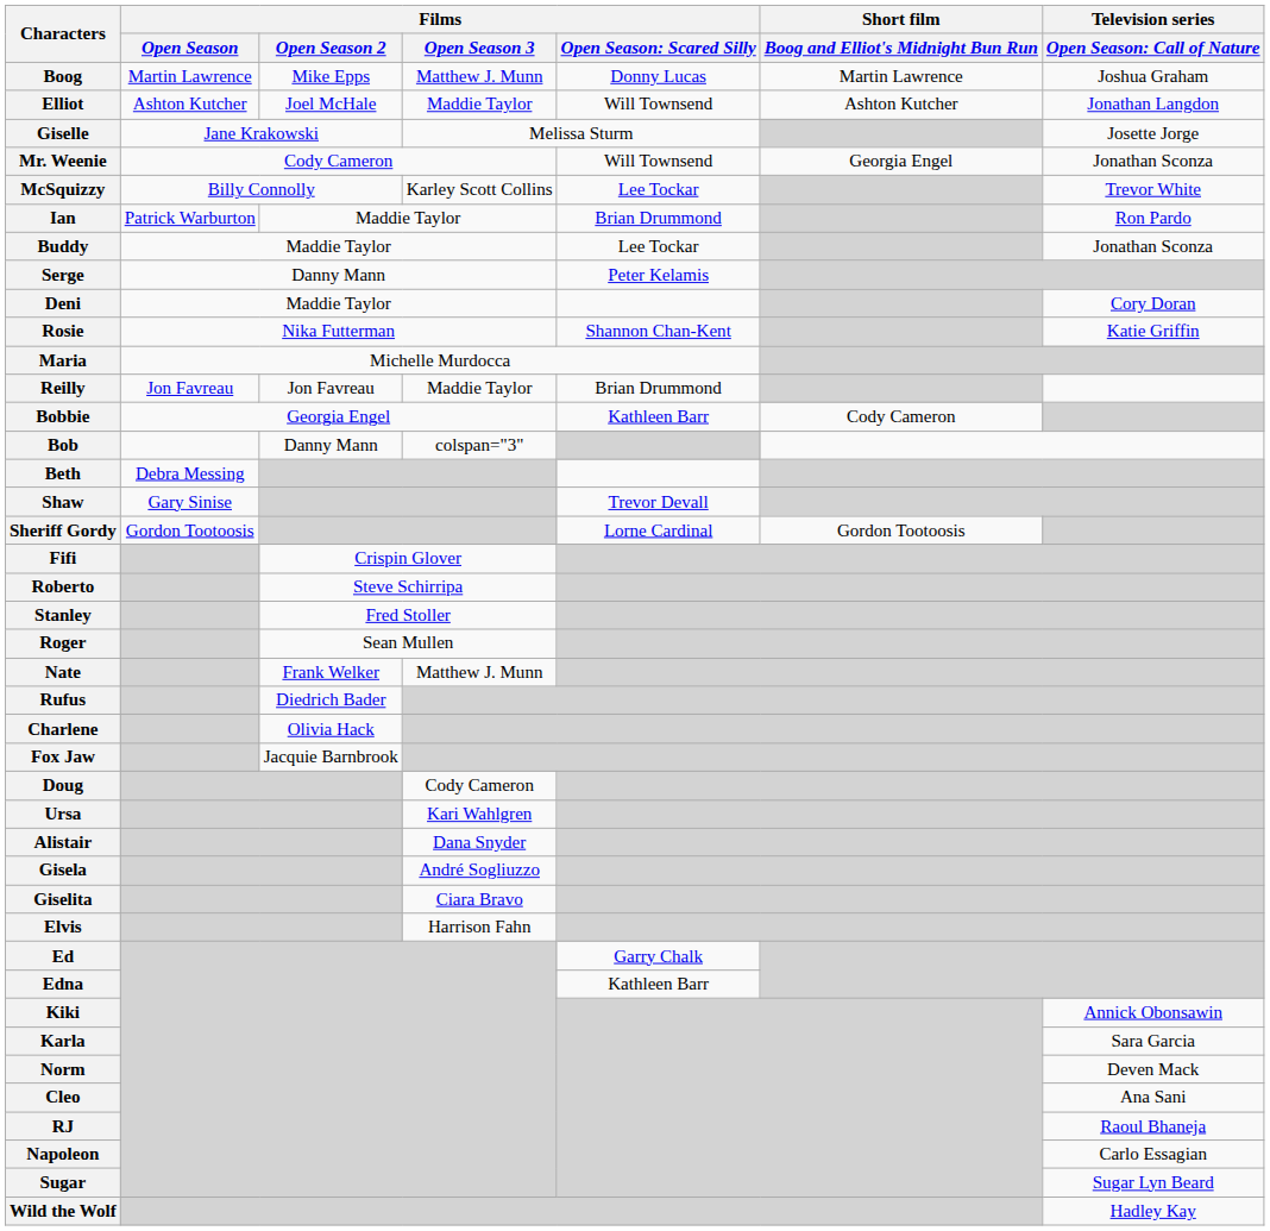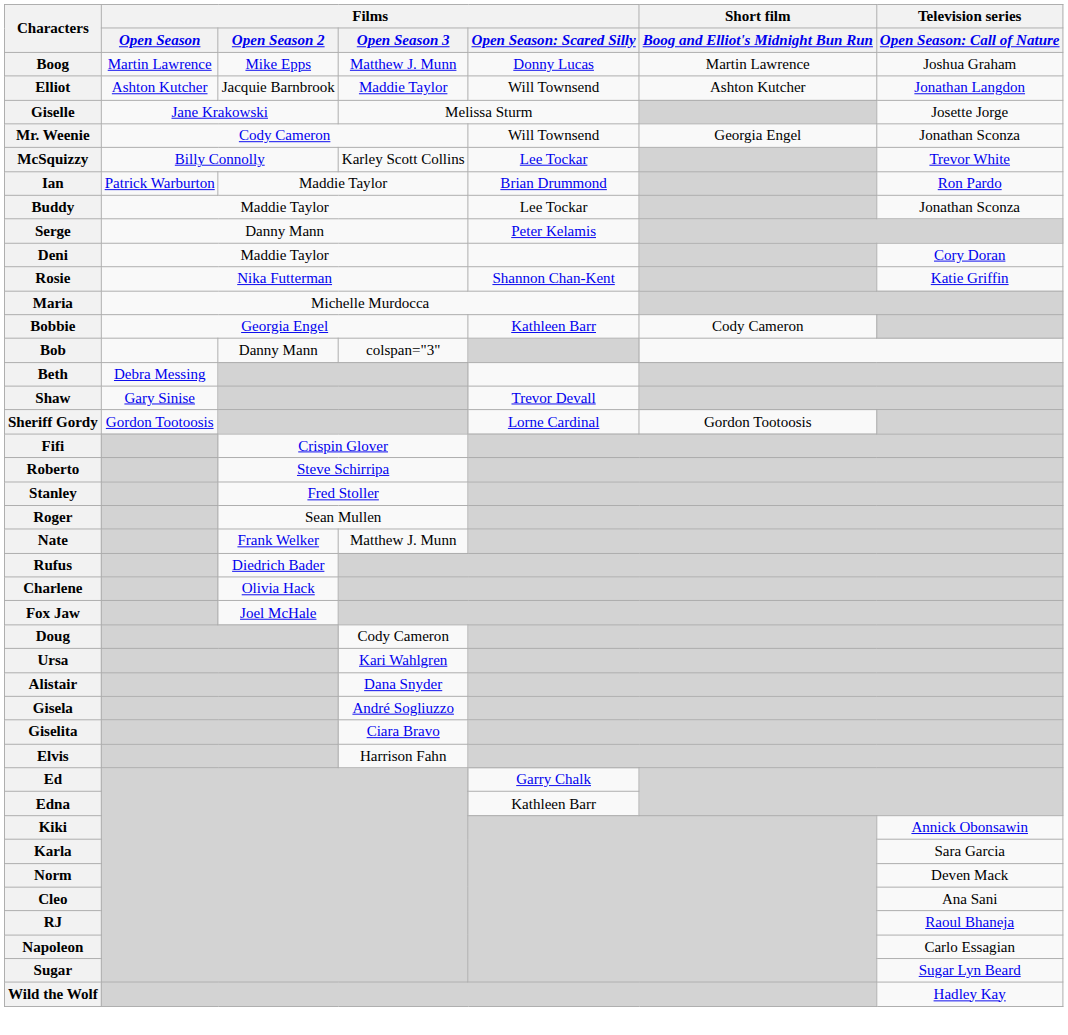 <table class="wikitable" style="text-align:center">
 <tr>
 <th rowspan="2">Characters</th>
 <th colspan="4">Films</th>
 <th>Short film</th>
 <th>Television series</th>
 </tr>
 <tr>
 <th><em><a href='#'>Open Season</a></em></th>
 <th><em><a href='#'>Open Season 2</a></em></th>
 <th><em><a href='#'>Open Season 3</a></em></th>
 <th><em><a href='#'>Open Season: Scared Silly</a></em></th>
 <th><em><a href='#'>Boog and Elliot's Midnight Bun Run</a></em></th>
 <th><em><a href='#'>Open Season: Call of Nature</a></em></th>
 </tr>
 <tr>
 <th>Boog</th>
 <td><a href='#'>Martin Lawrence</a></td>
 <td><a href='#'>Mike Epps</a></td>
 <td><a href='#'>Matthew J. Munn</a></td>
 <td><a href='#'>Donny Lucas</a></td>
 <td>Martin Lawrence</td>
 <td>Joshua Graham</td>
 </tr>
 <tr>
 <th>Elliot</th>
 <td><a href='#'>Ashton Kutcher</a></td>
-<td><a href='#'>Joel McHale</a></td>
+<td>Jacquie Barnbrook</td>
 <td><a href='#'>Maddie Taylor</a></td>
 <td>Will Townsend</td>
 <td>Ashton Kutcher</td>
 <td><a href='#'>Jonathan Langdon</a></td>
 </tr>
 <tr>
 <th>Giselle</th>
 <td colspan="2"><a href='#'>Jane Krakowski</a></td>
 <td colspan="2">Melissa Sturm</td>
 <td style="background-color:lightgrey;"></td>
 <td>Josette Jorge</td>
 </tr>
 <tr>
 <th>Mr. Weenie</th>
 <td colspan="3"><a href='#'>Cody Cameron</a></td>
 <td>Will Townsend</td>
 <td>Georgia Engel</td>
 <td>Jonathan Sconza</td>
 </tr>
 <tr>
 <th>McSquizzy</th>
 <td colspan="2"><a href='#'>Billy Connolly</a></td>
 <td>Karley Scott Collins</td>
 <td><a href='#'>Lee Tockar</a></td>
 <td style="background-color:lightgrey;"></td>
 <td><a href='#'>Trevor White</a></td>
 </tr>
 <tr>
 <th>Ian</th>
 <td><a href='#'>Patrick Warburton</a></td>
 <td colspan="2">Maddie Taylor</td>
 <td><a href='#'>Brian Drummond</a></td>
 <td style="background-color:lightgrey;"></td>
 <td><a href='#'>Ron Pardo</a></td>
 </tr>
 <tr>
 <th>Buddy</th>
 <td colspan="3">Maddie Taylor</td>
 <td>Lee Tockar</td>
 <td style="background-color:lightgrey;"></td>
 <td>Jonathan Sconza</td>
 </tr>
 <tr>
 <th>Serge</th>
 <td colspan="3">Danny Mann</td>
 <td><a href='#'>Peter Kelamis</a></td>
 <td colspan="2" style="background-color:lightgrey;"></td>
 </tr>
 <tr>
 <th>Deni</th>
 <td colspan="3">Maddie Taylor</td>
 <td></td>
 <td style="background-color:lightgrey;"></td>
 <td><a href='#'>Cory Doran</a></td>
 </tr>
 <tr>
 <th>Rosie</th>
 <td colspan="3"><a href='#'>Nika Futterman</a></td>
 <td><a href='#'>Shannon Chan-Kent</a></td>
 <td style="background-color:lightgrey;"></td>
 <td><a href='#'>Katie Griffin</a></td>
 </tr>
 <tr>
 <th>Maria</th>
 <td colspan="4">Michelle Murdocca</td>
 <td colspan="2" style="background-color:lightgrey;"></td>
-</tr>
-<tr>
-<th>Reilly</th>
-<td><a href='#'>Jon Favreau</a></td>
-<td>Jon Favreau</td>
-<td>Maddie Taylor</td>
-<td>Brian Drummond</td>
-<td style="background-color:lightgrey;"></td>
-<td></td>
 </tr>
 <tr>
 <th>Bobbie</th>
 <td colspan="3"><a href='#'>Georgia Engel</a></td>
 <td><a href='#'>Kathleen Barr</a></td>
 <td>Cody Cameron</td>
 <td style="background-color:lightgrey;"></td>
 </tr>
 <tr>
 <th>Bob</th>
 <td></td>
 <td>Danny Mann</td>
 <td>colspan="3" </td>
 <td style="background-color:lightgrey;"></td>
 </tr>
 <tr>
 <th>Beth</th>
 <td><a href='#'>Debra Messing</a></td>
 <td colspan="2" style="background-color:lightgrey;"></td>
 <td></td>
 <td colspan="2" style="background-color:lightgrey;"></td>
 </tr>
 <tr>
 <th>Shaw</th>
 <td><a href='#'>Gary Sinise</a></td>
 <td colspan="2" style="background-color:lightgrey;"></td>
 <td><a href='#'>Trevor Devall</a></td>
 <td colspan="2" style="background-color:lightgrey;"></td>
 </tr>
 <tr>
 <th>Sheriff Gordy</th>
 <td><a href='#'>Gordon Tootoosis</a></td>
 <td colspan="2" style="background-color:lightgrey;"></td>
 <td><a href='#'>Lorne Cardinal</a></td>
 <td>Gordon Tootoosis</td>
 <td style="background-color:lightgrey;"></td>
 </tr>
 <tr>
 <th>Fifi</th>
 <td style="background-color:lightgrey;"> </td>
 <td colspan="2"><a href='#'>Crispin Glover</a></td>
 <td colspan="3" style="background-color:lightgrey;"> </td>
 </tr>
 <tr>
 <th>Roberto</th>
 <td style="background-color:lightgrey;"> </td>
 <td colspan="2"><a href='#'>Steve Schirripa</a></td>
 <td colspan="3" style="background-color:lightgrey;"> </td>
 </tr>
 <tr>
 <th>Stanley</th>
 <td style="background-color:lightgrey;"> </td>
 <td colspan="2"><a href='#'>Fred Stoller</a></td>
 <td colspan="3" style="background-color:lightgrey;"> </td>
 </tr>
 <tr>
 <th>Roger</th>
 <td style="background-color:lightgrey;"> </td>
 <td colspan="2">Sean Mullen</td>
 <td colspan="3" style="background-color:lightgrey;"> </td>
 </tr>
 <tr>
 <th>Nate</th>
 <td style="background-color:lightgrey;"> </td>
 <td><a href='#'>Frank Welker</a></td>
 <td>Matthew J. Munn</td>
 <td colspan="3" style="background-color:lightgrey;"> </td>
 </tr>
 <tr>
 <th>Rufus</th>
 <td style="background-color:lightgrey;"> </td>
 <td><a href='#'>Diedrich Bader</a></td>
 <td colspan="4" style="background-color:lightgrey;"> </td>
 </tr>
 <tr>
 <th>Charlene</th>
 <td style="background-color:lightgrey;"> </td>
 <td><a href='#'>Olivia Hack</a></td>
 <td colspan="4" style="background-color:lightgrey;"> </td>
 </tr>
 <tr>
 <th>Fox Jaw</th>
 <td style="background-color:lightgrey;"> </td>
-<td>Jacquie Barnbrook</td>
+<td><a href='#'>Joel McHale</a></td>
 <td colspan="4" style="background-color:lightgrey;"> </td>
 </tr>
 <tr>
 <th>Doug</th>
 <td colspan="2" style="background-color:lightgrey;"> </td>
 <td>Cody Cameron</td>
 <td colspan="3" style="background-color:lightgrey;"> </td>
 </tr>
 <tr>
 <th>Ursa</th>
 <td colspan="2" style="background-color:lightgrey;"> </td>
 <td><a href='#'>Kari Wahlgren</a></td>
 <td colspan="3" style="background-color:lightgrey;"> </td>
 </tr>
 <tr>
 <th>Alistair</th>
 <td colspan="2" style="background-color:lightgrey;"> </td>
 <td><a href='#'>Dana Snyder</a></td>
 <td colspan="3" style="background-color:lightgrey;"> </td>
 </tr>
 <tr>
 <th>Gisela</th>
 <td colspan="2" style="background-color:lightgrey;"> </td>
 <td><a href='#'>André Sogliuzzo</a></td>
 <td colspan="3" style="background-color:lightgrey;"> </td>
 </tr>
 <tr>
 <th>Giselita</th>
 <td colspan="2" style="background-color:lightgrey;"> </td>
 <td><a href='#'>Ciara Bravo</a></td>
 <td colspan="3" style="background-color:lightgrey;"> </td>
 </tr>
 <tr>
 <th>Elvis</th>
 <td colspan="2" style="background-color:lightgrey;"> </td>
 <td>Harrison Fahn</td>
 <td colspan="3" style="background-color:lightgrey;"> </td>
 </tr>
 <tr>
 <th>Ed</th>
 <td colspan="3" rowspan="9" style="background-color:lightgrey;"> </td>
 <td><a href='#'>Garry Chalk</a></td>
 <td colspan="2" rowspan="2" style="background-color:lightgrey;"> </td>
 </tr>
 <tr>
 <th>Edna</th>
 <td>Kathleen Barr</td>
 </tr>
 <tr>
 <th>Kiki</th>
 <td colspan="2" rowspan="7" style="background-color:lightgrey;"> </td>
 <td><a href='#'>Annick Obonsawin</a></td>
 </tr>
 <tr>
 <th>Karla</th>
 <td>Sara Garcia</td>
 </tr>
 <tr>
 <th>Norm</th>
 <td>Deven Mack</td>
 </tr>
 <tr>
 <th>Cleo</th>
 <td>Ana Sani</td>
 </tr>
 <tr>
 <th>RJ</th>
 <td><a href='#'>Raoul Bhaneja</a></td>
 </tr>
 <tr>
 <th>Napoleon</th>
 <td>Carlo Essagian</td>
 </tr>
 <tr>
 <th>Sugar</th>
 <td><a href='#'>Sugar Lyn Beard</a></td>
 </tr>
 <tr>
 <th>Wild the Wolf</th>
 <td colspan="5" rowspan="1" style="background-color:lightgrey;"> </td>
 <td><a href='#'>Hadley Kay</a></td>
 </tr>
 </table>
